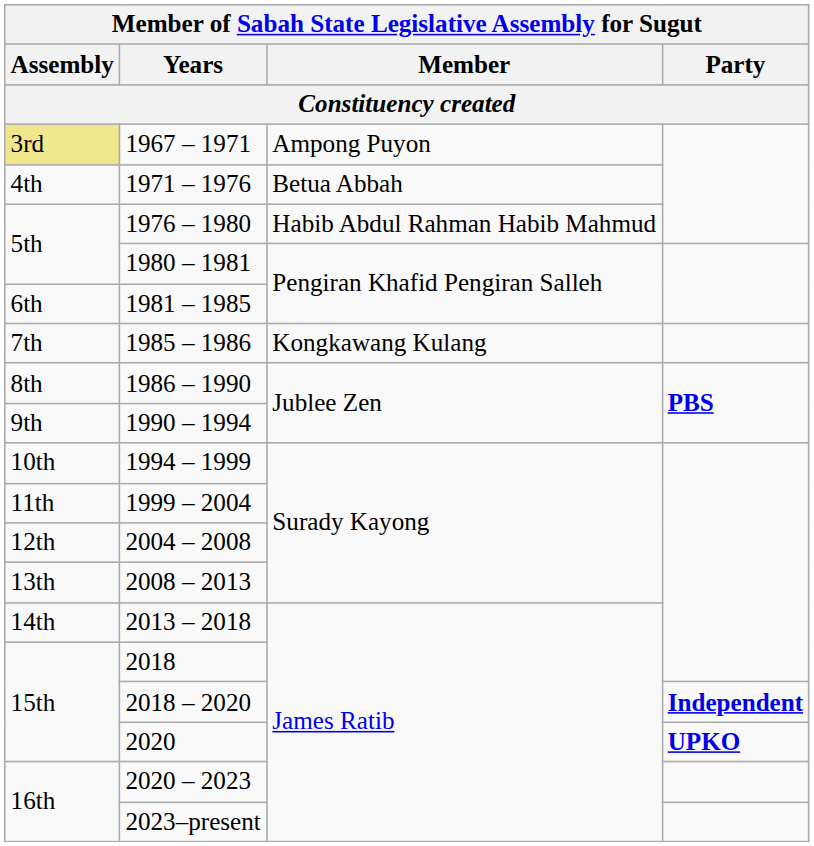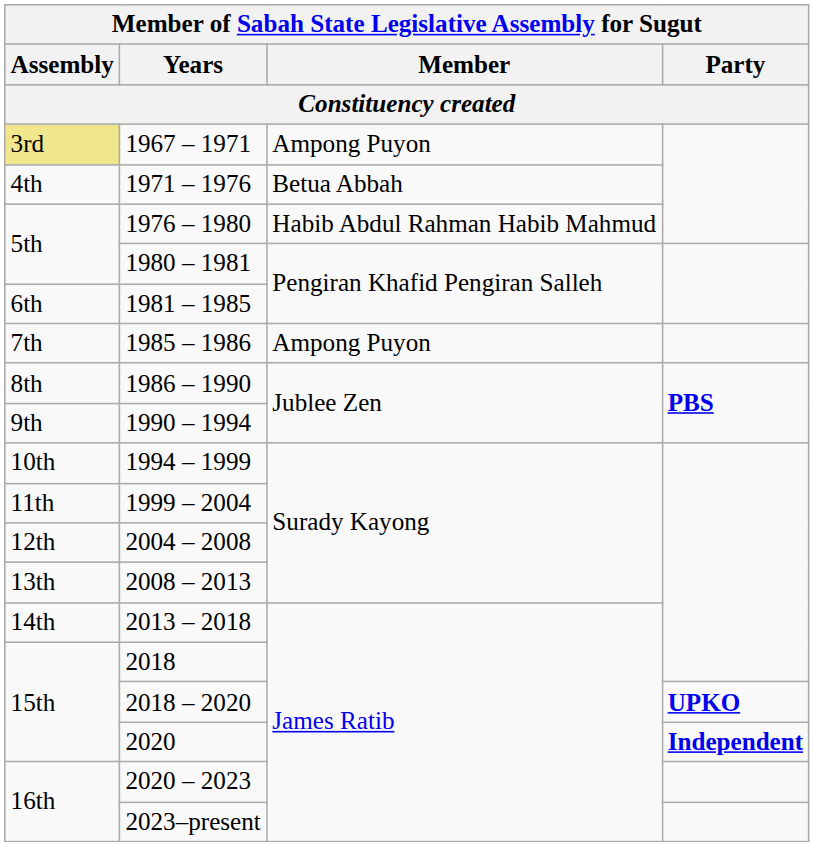 <table class="wikitable">
 <tr>
 <th colspan="4">Member of <a href='#'>Sabah State Legislative Assembly</a> for Sugut</th>
 </tr>
 <tr>
 <th>Assembly</th>
 <th>Years</th>
 <th>Member</th>
 <th>Party</th>
 </tr>
 <tr>
 <th colspan="4" align="center"><em>Constituency created</em></th>
 </tr>
 <tr>
 <td style="background: khaki;">3rd</td>
 <td>1967 – 1971</td>
 <td>Ampong Puyon</td>
 <td rowspan="3"></td>
 </tr>
 <tr>
 <td>4th</td>
 <td>1971 – 1976</td>
 <td>Betua Abbah</td>
 </tr>
 <tr>
 <td rowspan="2">5th</td>
 <td>1976 – 1980</td>
 <td>Habib Abdul Rahman Habib Mahmud</td>
 </tr>
 <tr>
 <td>1980 – 1981</td>
 <td rowspan="2">Pengiran Khafid Pengiran Salleh</td>
 <td rowspan="2"></td>
 </tr>
 <tr>
 <td>6th</td>
 <td>1981 – 1985</td>
 </tr>
 <tr>
 <td>7th</td>
 <td>1985 – 1986</td>
-<td>Kongkawang Kulang</td>
+<td>Ampong Puyon</td>
 <td></td>
 </tr>
 <tr>
 <td>8th</td>
 <td>1986 – 1990</td>
 <td rowspan="2">Jublee Zen</td>
 <td rowspan="2"><strong><a href='#'>PBS</a></strong></td>
 </tr>
 <tr>
 <td>9th</td>
 <td>1990 – 1994</td>
 </tr>
 <tr>
 <td>10th</td>
 <td>1994 – 1999</td>
 <td rowspan="4">Surady Kayong</td>
 <td rowspan="6"></td>
 </tr>
 <tr>
 <td>11th</td>
 <td>1999 – 2004</td>
 </tr>
 <tr>
 <td>12th</td>
 <td>2004 – 2008</td>
 </tr>
 <tr>
 <td>13th</td>
 <td>2008 – 2013</td>
 </tr>
 <tr>
 <td>14th</td>
 <td>2013 – 2018</td>
 <td rowspan="6"><a href='#'>James Ratib</a></td>
 </tr>
 <tr>
 <td rowspan="3">15th</td>
 <td>2018</td>
 </tr>
 <tr>
 <td>2018 – 2020</td>
-<td><strong><a href='#'>Independent</a></strong></td>
+<td><strong><a href='#'>UPKO</a></strong></td>
 </tr>
 <tr>
 <td>2020</td>
-<td><strong><a href='#'>UPKO</a></strong></td>
+<td><strong><a href='#'>Independent</a></strong></td>
 </tr>
 <tr>
 <td rowspan="2">16th</td>
 <td>2020 – 2023</td>
 <td></td>
 </tr>
 <tr>
 <td>2023–present</td>
 <td></td>
 </tr>
 </table>
